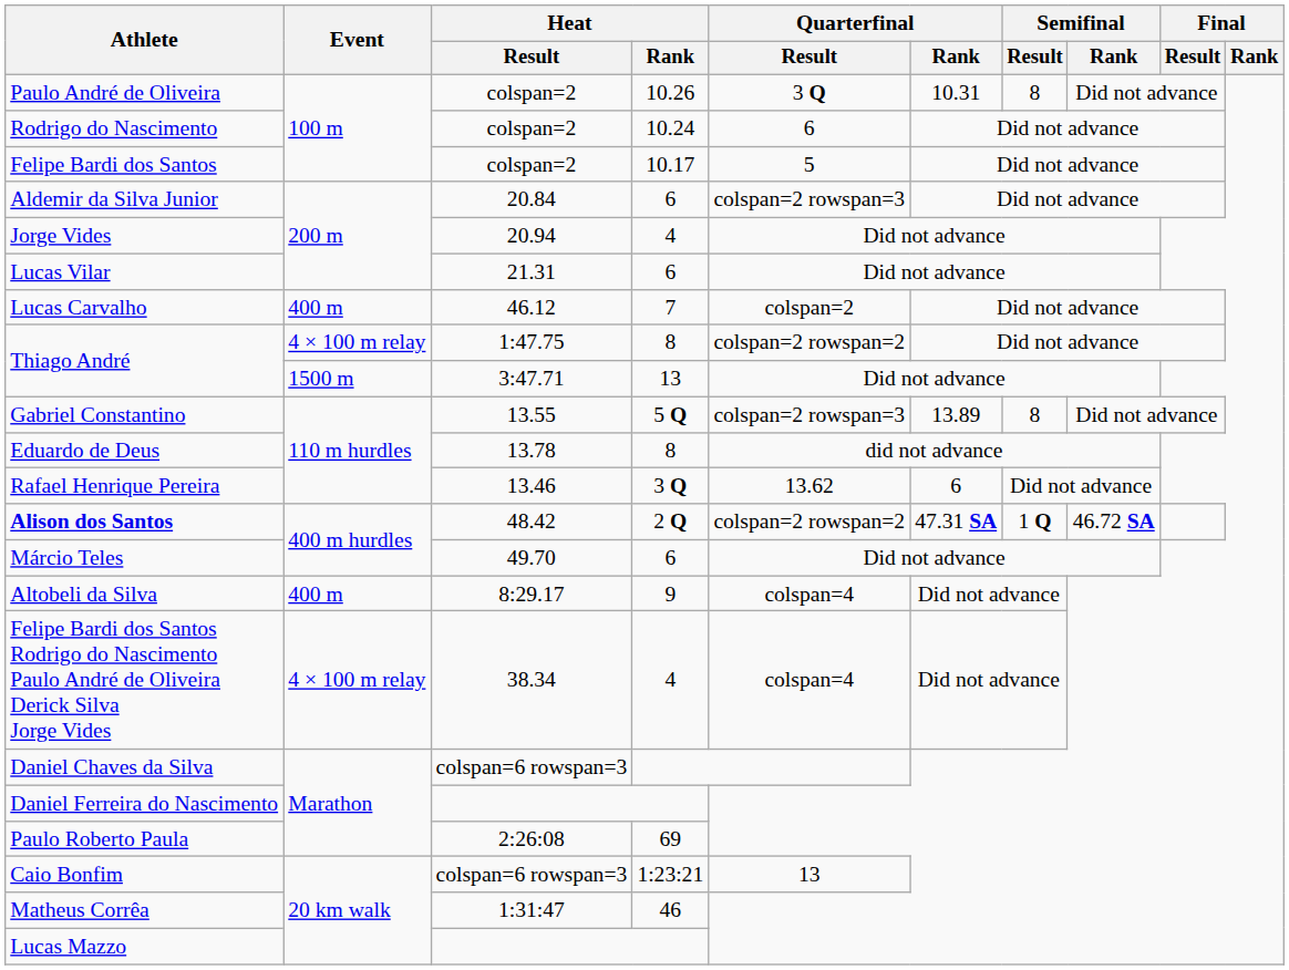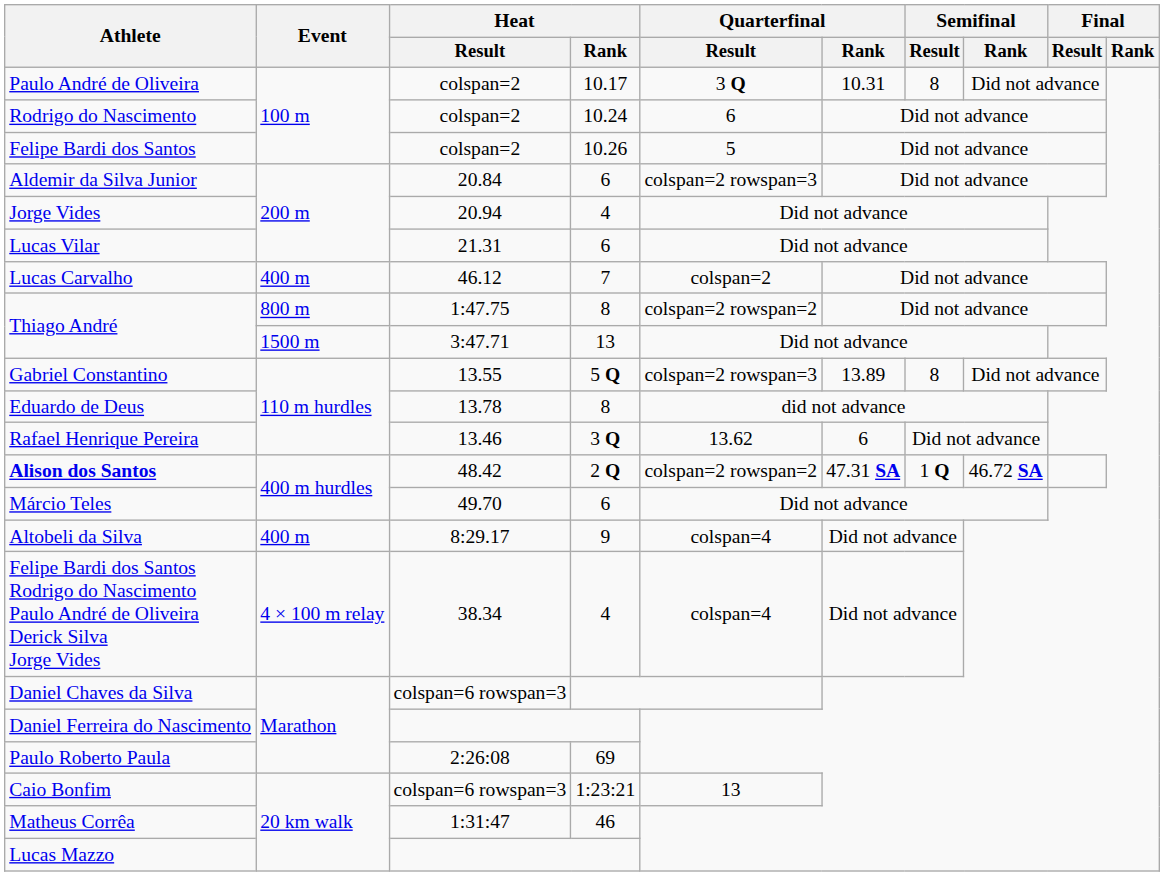 <table class="wikitable" style="font-size:90%">
 <tr>
 <th rowspan="2">Athlete</th>
 <th rowspan="2">Event</th>
 <th colspan="2">Heat</th>
 <th colspan="2">Quarterfinal</th>
 <th colspan="2">Semifinal</th>
 <th colspan="2">Final</th>
 </tr>
 <tr style="font-size:95%">
 <th>Result</th>
 <th>Rank</th>
 <th>Result</th>
 <th>Rank</th>
 <th>Result</th>
 <th>Rank</th>
 <th>Result</th>
 <th>Rank</th>
 </tr>
 <tr align=center>
 <td align="left"><a href='#'>Paulo André de Oliveira</a></td>
 <td align="left" rowspan=3><a href='#'>100 m</a></td>
 <td>colspan=2 </td>
-<td>10.26</td>
+<td>10.17</td>
 <td>3 <strong>Q</strong></td>
 <td>10.31</td>
 <td>8</td>
 <td colspan=2>Did not advance</td>
 </tr>
 <tr align=center>
 <td align="left"><a href='#'>Rodrigo do Nascimento</a></td>
 <td>colspan=2 </td>
 <td>10.24</td>
 <td>6</td>
 <td colspan=4>Did not advance</td>
 </tr>
 <tr align=center>
 <td align="left"><a href='#'>Felipe Bardi dos Santos</a></td>
 <td>colspan=2 </td>
-<td>10.17</td>
+<td>10.26</td>
 <td>5</td>
 <td colspan=4>Did not advance</td>
 </tr>
 <tr align=center>
 <td align="left"><a href='#'>Aldemir da Silva Junior</a></td>
 <td align="left" rowspan=3><a href='#'>200 m</a></td>
 <td>20.84</td>
 <td>6</td>
 <td>colspan=2 rowspan=3 </td>
 <td colspan=4>Did not advance</td>
 </tr>
 <tr align=center>
 <td align="left"><a href='#'>Jorge Vides</a></td>
 <td>20.94</td>
 <td>4</td>
 <td colspan=4>Did not advance</td>
 </tr>
 <tr align=center>
 <td align="left"><a href='#'>Lucas Vilar</a></td>
 <td>21.31</td>
 <td>6</td>
 <td colspan=4>Did not advance</td>
 </tr>
 <tr align=center>
 <td align="left"><a href='#'>Lucas Carvalho</a></td>
 <td align="left"><a href='#'>400 m</a></td>
 <td>46.12</td>
 <td>7</td>
 <td>colspan=2 </td>
 <td colspan=4>Did not advance</td>
 </tr>
 <tr align=center>
 <td align="left" rowspan="2"><a href='#'>Thiago André</a></td>
-<td align=left><a href='#'>4 × 100 m relay</a></td>
+<td align="left"><a href='#'>800 m</a></td>
 <td>1:47.75</td>
 <td>8</td>
 <td>colspan=2 rowspan=2 </td>
 <td colspan=4>Did not advance</td>
 </tr>
 <tr align=center>
 <td align="left"><a href='#'>1500 m</a></td>
 <td>3:47.71</td>
 <td>13</td>
 <td colspan=4>Did not advance</td>
 </tr>
 <tr align=center>
 <td align="left"><a href='#'>Gabriel Constantino</a></td>
 <td align="left" rowspan=3><a href='#'>110 m hurdles</a></td>
 <td>13.55</td>
 <td>5 <strong>Q</strong></td>
 <td>colspan=2 rowspan=3 </td>
 <td>13.89</td>
 <td>8</td>
 <td colspan=2>Did not advance</td>
 </tr>
 <tr align=center>
 <td align="left"><a href='#'>Eduardo de Deus</a></td>
 <td>13.78</td>
 <td>8</td>
 <td colspan=4>did not advance</td>
 </tr>
 <tr align=center>
 <td align="left"><a href='#'>Rafael Henrique Pereira</a></td>
 <td>13.46</td>
 <td>3 <strong>Q</strong></td>
 <td>13.62</td>
 <td>6</td>
 <td colspan=2>Did not advance</td>
 </tr>
 <tr align=center>
 <td align="left"><strong><a href='#'>Alison dos Santos</a></strong></td>
 <td align="left" rowspan=2><a href='#'>400 m hurdles</a></td>
 <td>48.42</td>
 <td>2 <strong>Q</strong></td>
 <td>colspan=2 rowspan=2 </td>
 <td>47.31 <strong><a href='#'>SA</a></strong></td>
 <td>1 <strong>Q</strong></td>
 <td>46.72 <strong><a href='#'>SA</a></strong></td>
 <td></td>
 </tr>
 <tr align=center>
 <td align="left"><a href='#'>Márcio Teles</a></td>
 <td>49.70</td>
 <td>6</td>
 <td colspan=4>Did not advance</td>
 </tr>
 <tr align=center>
 <td align="left"><a href='#'>Altobeli da Silva</a></td>
 <td align="left"><a href='#'>400 m</a></td>
 <td>8:29.17</td>
 <td>9</td>
 <td>colspan=4 </td>
 <td colspan=2>Did not advance</td>
 </tr>
 <tr align=center>
 <td align=left><a href='#'>Felipe Bardi dos Santos</a><br><a href='#'>Rodrigo do Nascimento</a><br><a href='#'>Paulo André de Oliveira</a><br><a href='#'>Derick Silva</a><br><a href='#'>Jorge Vides</a></td>
 <td align=left><a href='#'>4 × 100 m relay</a></td>
 <td>38.34</td>
 <td>4</td>
 <td>colspan=4 </td>
 <td colspan=2>Did not advance</td>
 </tr>
 <tr align=center>
 <td align="left"><a href='#'>Daniel Chaves da Silva</a></td>
 <td align="left" rowspan=3><a href='#'>Marathon</a></td>
 <td>colspan=6 rowspan=3 </td>
 <td colspan=2></td>
 </tr>
 <tr align=center>
 <td align="left"><a href='#'>Daniel Ferreira do Nascimento</a></td>
 <td colspan=2></td>
 </tr>
 <tr align=center>
 <td align="left"><a href='#'>Paulo Roberto Paula</a></td>
 <td>2:26:08</td>
 <td>69</td>
 </tr>
 <tr align=center>
 <td align="left"><a href='#'>Caio Bonfim</a></td>
 <td align="left" rowspan=3><a href='#'>20 km walk</a></td>
 <td>colspan=6 rowspan=3 </td>
 <td>1:23:21</td>
 <td>13</td>
 </tr>
 <tr align=center>
 <td align="left"><a href='#'>Matheus Corrêa</a></td>
 <td>1:31:47</td>
 <td>46</td>
 </tr>
 <tr align=center>
 <td align="left"><a href='#'>Lucas Mazzo</a></td>
 <td colspan=2></td>
 </tr>
 </table>
